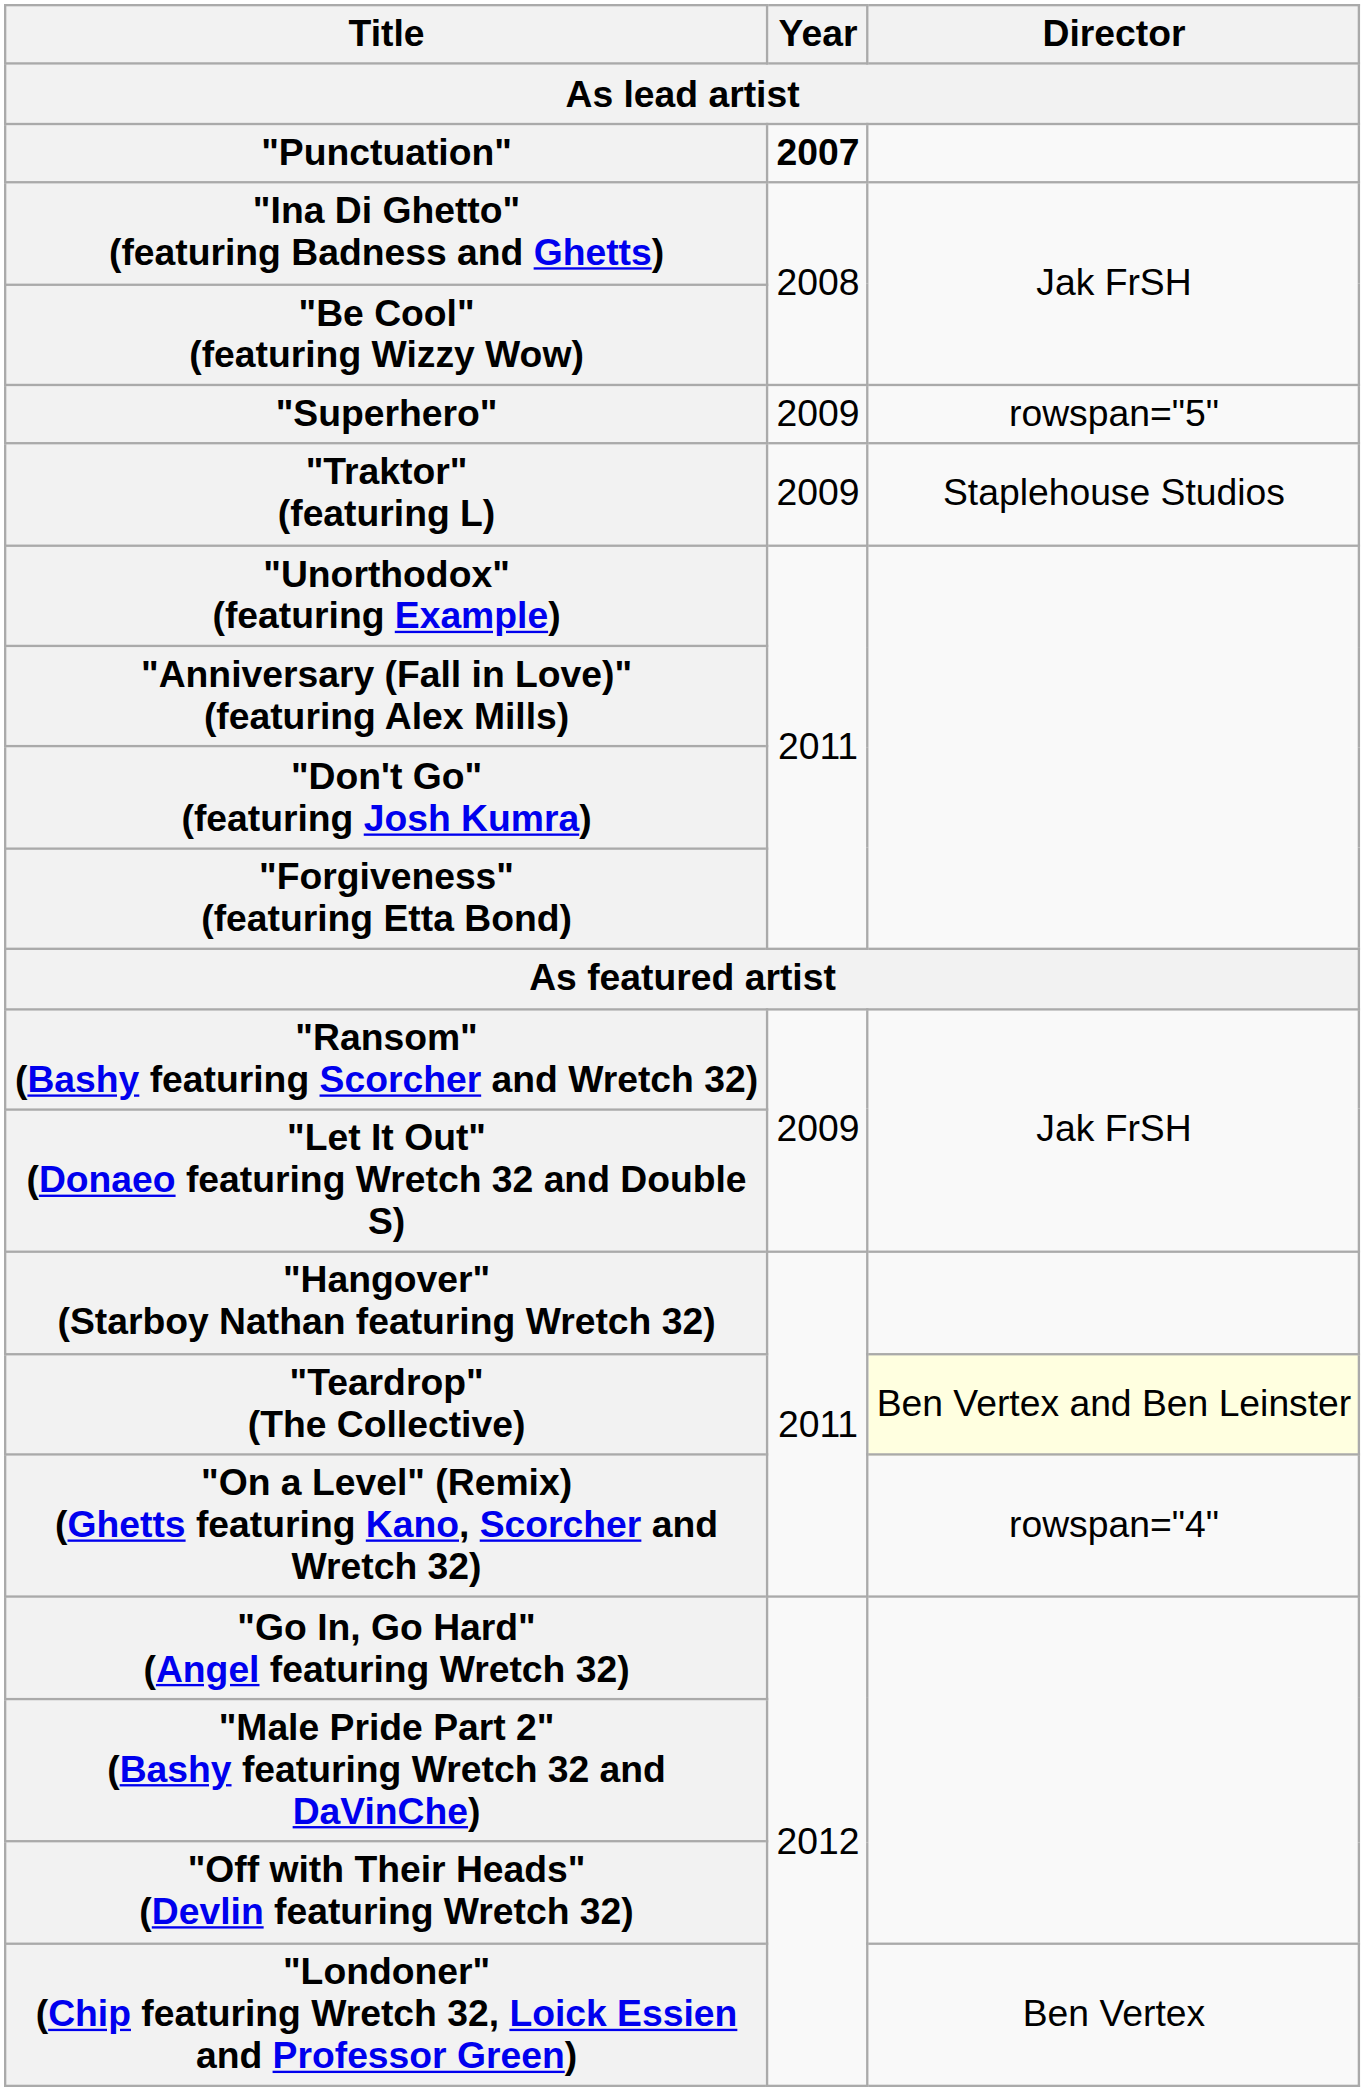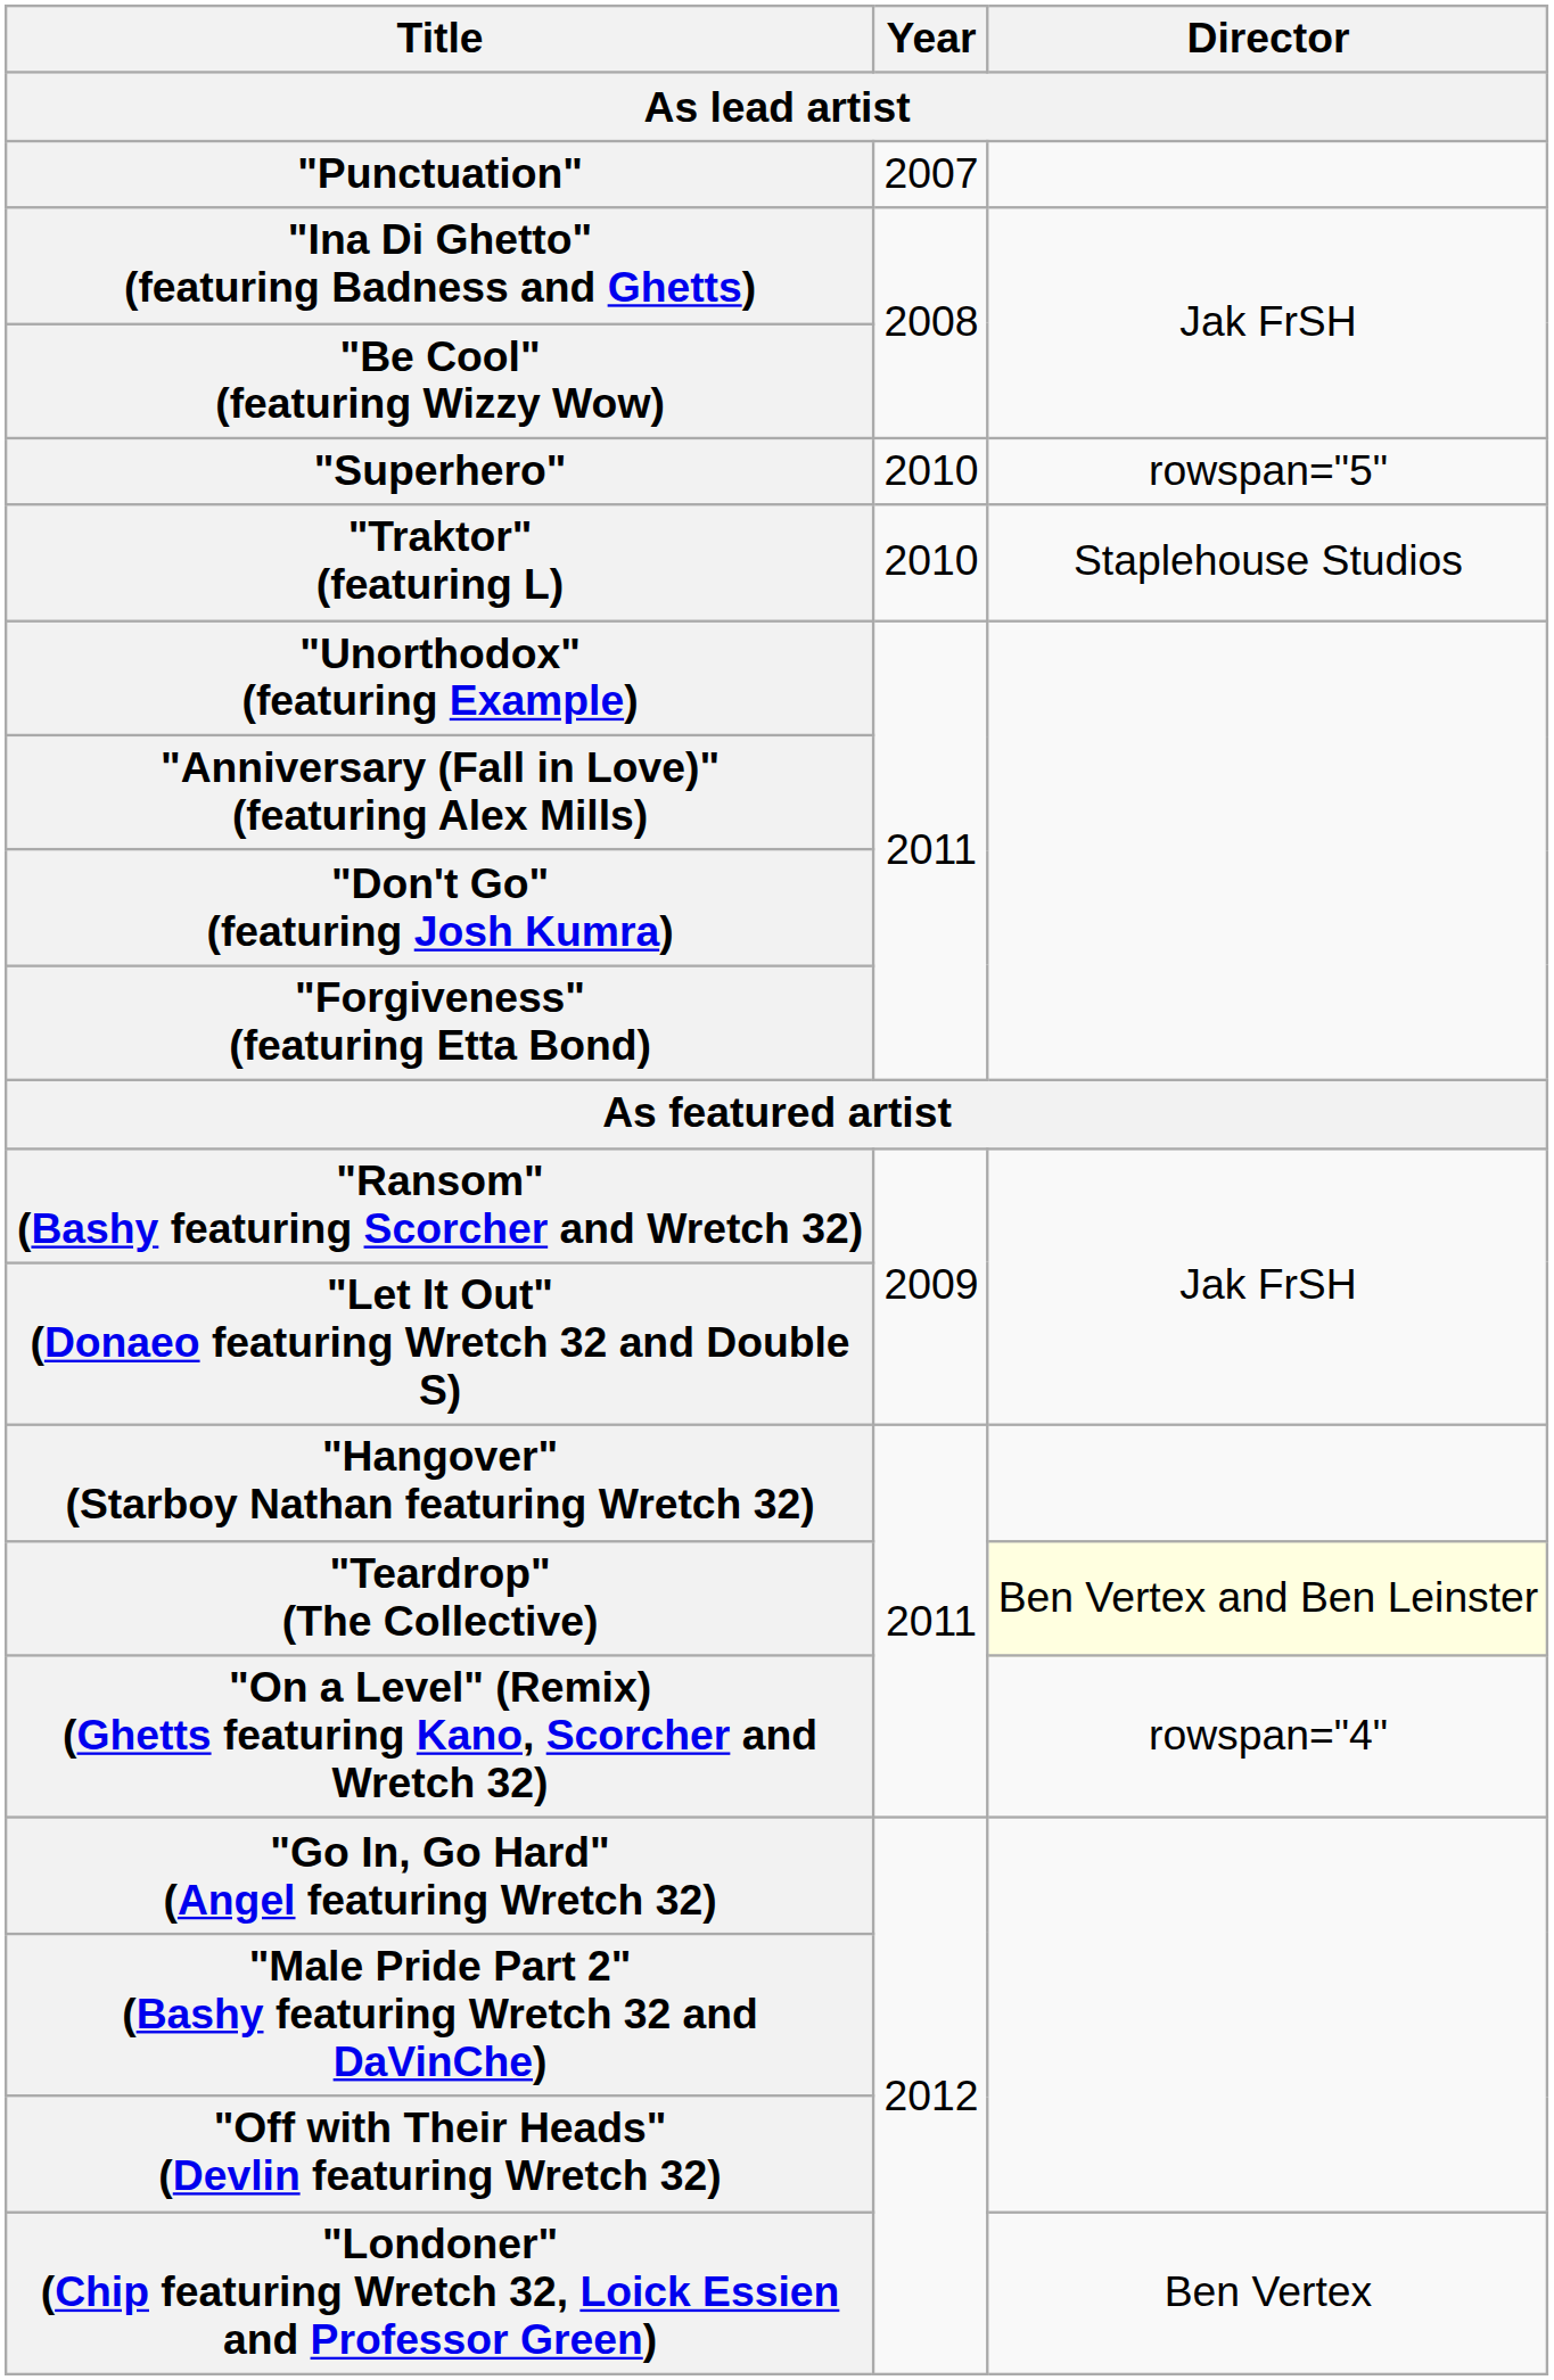 <table class="wikitable plainrowheaders" style="text-align:center;" border="1">
 <tr>
 <th scope="col" style="width:20em;">Title</th>
 <th scope="col" style="width:1em;">Year</th>
 <th scope="col">Director</th>
 </tr>
 <tr>
 <th scope="col" colspan="4">As lead artist</th>
 </tr>
 <tr>
 <th scope="row">"Punctuation"</th>
-<td><strong>2007</strong></td>
+<td>2007</td>
 <td></td>
 </tr>
 <tr>
 <th scope="row">"Ina Di Ghetto"<br><span>(featuring Badness and <a href='#'>Ghetts</a>)</span></th>
 <td rowspan="2">2008</td>
 <td rowspan="2">Jak FrSH</td>
 </tr>
 <tr>
 <th scope="row">"Be Cool"<br><span>(featuring Wizzy Wow)</span></th>
 </tr>
 <tr>
 <th scope="row">"Superhero"</th>
-<td>2009</td>
+<td>2010</td>
 <td>rowspan="5" </td>
 </tr>
 <tr>
 <th scope="row">"Traktor"<br><span>(featuring L)</span></th>
-<td>2009</td>
+<td>2010</td>
 <td>Staplehouse Studios</td>
 </tr>
 <tr>
 <th scope="row">"Unorthodox"<br><span>(featuring <a href='#'>Example</a>)</span></th>
 <td rowspan="4">2011</td>
 </tr>
 <tr>
 <th scope="row">"Anniversary (Fall in Love)"<br><span>(featuring Alex Mills)</span></th>
 </tr>
 <tr>
 <th scope="row">"Don't Go"<br><span>(featuring <a href='#'>Josh Kumra</a>)</span></th>
 </tr>
 <tr>
 <th scope="row">"Forgiveness"<br><span>(featuring Etta Bond)</span></th>
 </tr>
 <tr>
 <th scope="col" colspan="4">As featured artist</th>
 </tr>
 <tr>
 <th scope="row">"Ransom"<br><span>(<a href='#'>Bashy</a> featuring <a href='#'>Scorcher</a> and Wretch 32)</span></th>
 <td rowspan="2">2009</td>
 <td rowspan="2">Jak FrSH</td>
 </tr>
 <tr>
 <th scope="row">"Let It Out"<br><span>(<a href='#'>Donaeo</a> featuring Wretch 32 and Double S)</span></th>
 </tr>
 <tr>
 <th scope="row">"Hangover"<br><span>(Starboy Nathan featuring Wretch 32)</span></th>
 <td rowspan="3">2011</td>
 <td></td>
 </tr>
 <tr>
 <th scope="row">"Teardrop"<br><span>(The Collective)</span></th>
 <td style="background: lightyellow;">Ben Vertex and Ben Leinster</td>
 </tr>
 <tr>
 <th scope="row">"On a Level" (Remix)<br><span>(<a href='#'>Ghetts</a> featuring <a href='#'>Kano</a>, <a href='#'>Scorcher</a> and Wretch 32)</span></th>
 <td>rowspan="4" </td>
 </tr>
 <tr>
 <th scope="row">"Go In, Go Hard"<br><span>(<a href='#'>Angel</a> featuring Wretch 32)</span></th>
 <td rowspan="4">2012</td>
 </tr>
 <tr>
 <th scope="row">"Male Pride Part 2"<br><span>(<a href='#'>Bashy</a> featuring Wretch 32 and <a href='#'>DaVinChe</a>)</span></th>
 </tr>
 <tr>
 <th scope="row">"Off with Their Heads"<br><span>(<a href='#'>Devlin</a> featuring Wretch 32)</span></th>
 </tr>
 <tr>
 <th scope="row">"Londoner"<br><span>(<a href='#'>Chip</a> featuring Wretch 32, <a href='#'>Loick Essien</a> and <a href='#'>Professor Green</a>)</span></th>
 <td>Ben Vertex</td>
 </tr>
 </table>
